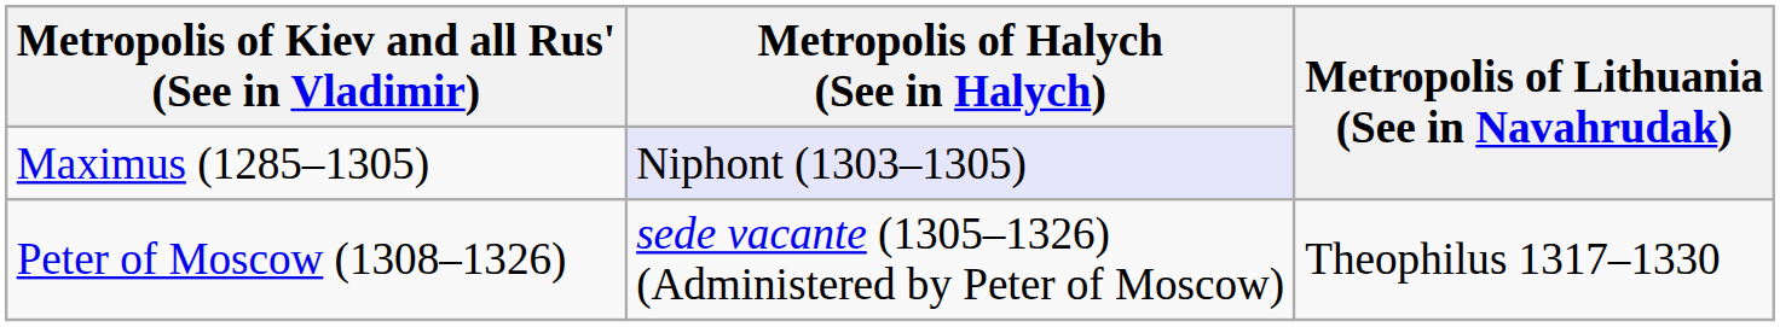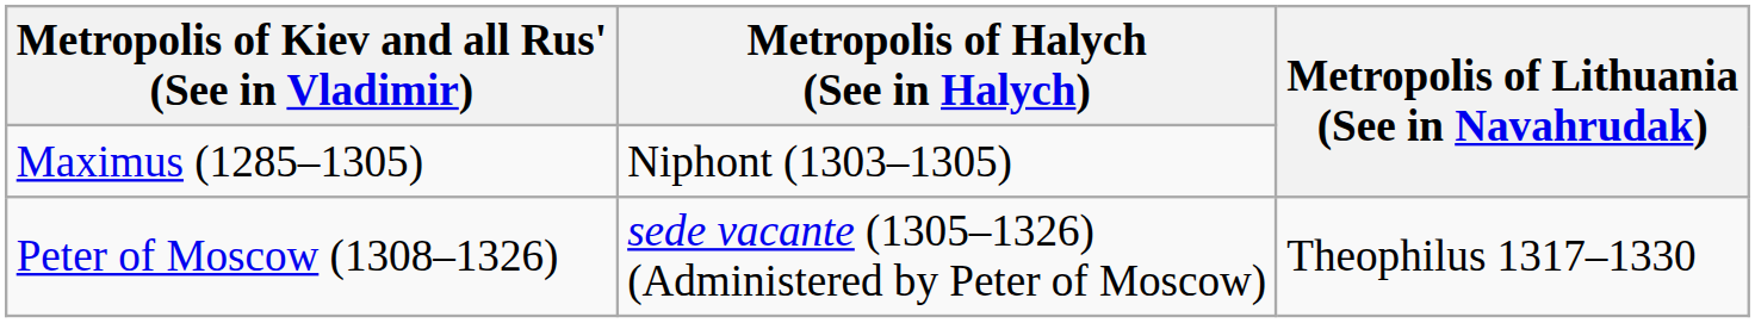 <table class="wikitable">
 <tr>
 <th colspan=1>Metropolis of Kiev and all Rus'<br>(See in <a href='#'>Vladimir</a>)</th>
 <th colspan=1>Metropolis of Halych<br>(See in <a href='#'>Halych</a>)</th>
 <th rowspan=2 colspan=1>Metropolis of Lithuania<br>(See in <a href='#'>Navahrudak</a>)</th>
 </tr>
 <tr>
 <td><a href='#'>Maximus</a> (1285–1305)</td>
-<td style="background: lavender;">Niphont (1303–1305)</td>
+<td>Niphont (1303–1305)</td>
 </tr>
 <tr>
 <td colspan=1><a href='#'>Peter of Moscow</a> (1308–1326)</td>
 <td><em><a href='#'>sede vacante</a></em> (1305–1326)<br>(Administered by Peter of Moscow)</td>
 <td>Theophilus 1317–1330</td>
 </tr>
 </table>
